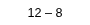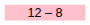 <table style="text-align:center">
 <tr>
 <th width=200></th>
 <th width=100></th>
 <th width=200></th>
 </tr>
 <tr>
 <td align=right><strong></strong></td>
-<td>12 – 8</td>
+<td style="background: pink;">12 – 8</td>
 <td align=left></td>
 </tr>
 </table>
